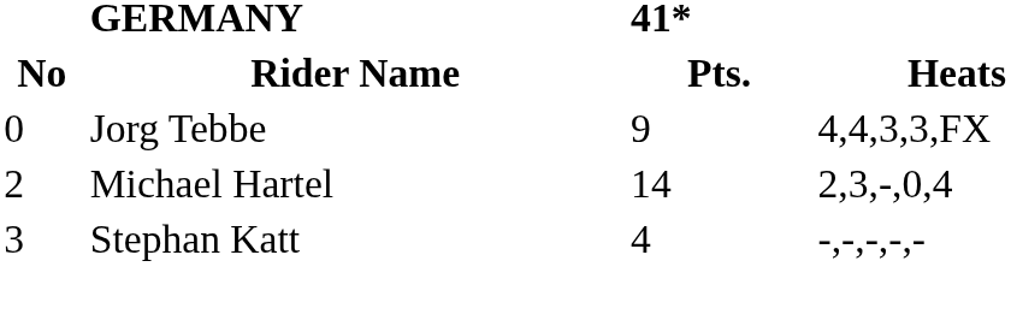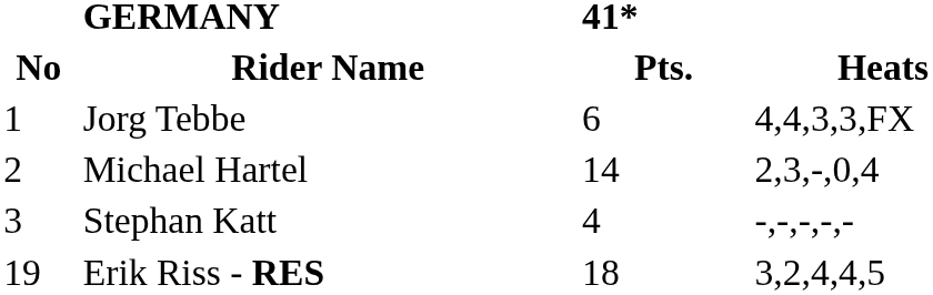 <table class="toccolours">
 <tr>
 <td></td>
 <td><strong>GERMANY</strong></td>
 <td><strong>41*</strong></td>
 </tr>
 <tr style="background-color:">
 <th width=30px>No</th>
 <th width=210px>Rider Name</th>
 <th width=70px>Pts.</th>
 <th width=110px>Heats</th>
 </tr>
 <tr style="background-color:">
-<td>0</td>
+<td>1</td>
 <td>Jorg Tebbe</td>
-<td>9</td>
+<td>6</td>
 <td>4,4,3,3,FX</td>
 </tr>
 <tr style="background-color:">
 <td>2</td>
 <td>Michael Hartel</td>
 <td>14</td>
 <td>2,3,-,0,4</td>
 </tr>
 <tr style="background-color:">
 <td>3</td>
 <td>Stephan Katt</td>
 <td>4</td>
 <td>-,-,-,-,-</td>
 </tr>
+<tr style="background-color:">
+<td>19</td>
+<td>Erik Riss - <strong>RES</strong></td>
+<td>18</td>
+<td>3,2,4,4,5</td>
+</tr>
 </table>
